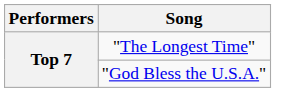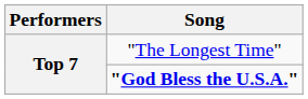 <table class="wikitable unsortable" style="text-align:center;">
 <tr>
 <th scope="col">Performers</th>
 <th scope="col">Song</th>
 </tr>
 <tr>
 <th rowspan="2" scope="row">Top 7</th>
 <td>"<a href='#'>The Longest Time</a>"</td>
 </tr>
 <tr>
-<td>"<a href='#'>God Bless the U.S.A.</a>"</td>
+<td><strong>"<a href='#'>God Bless the U.S.A.</a>"</strong></td>
 </tr>
 </table>
